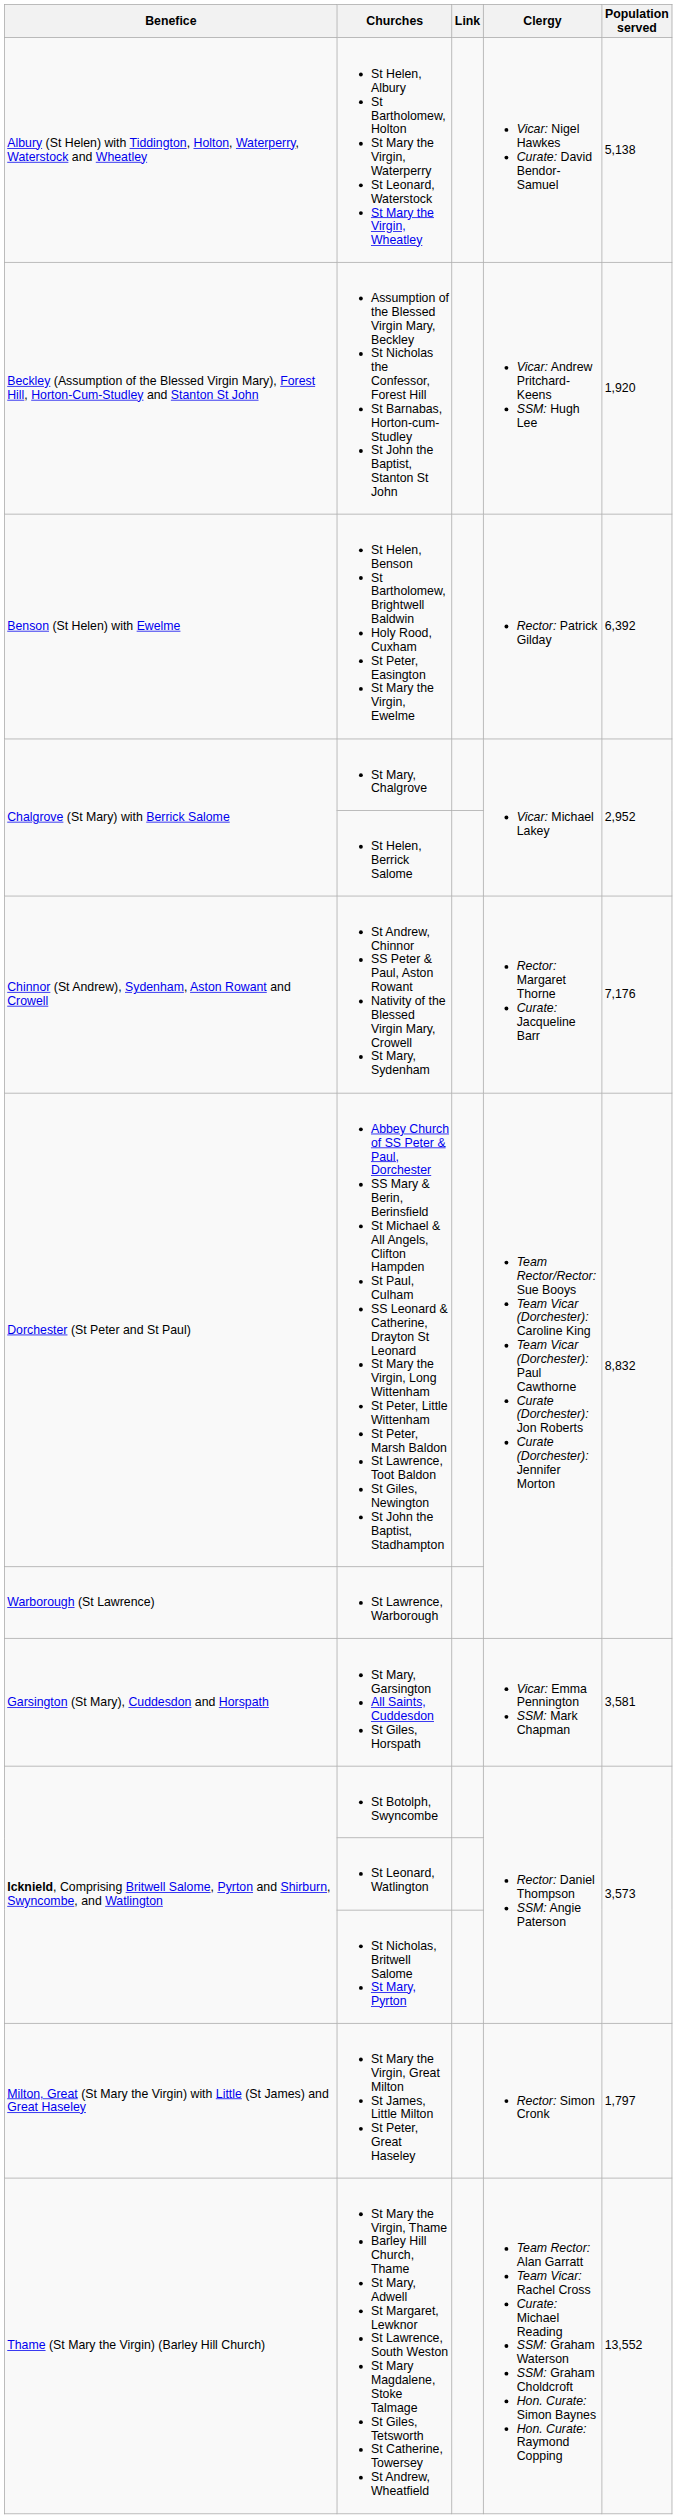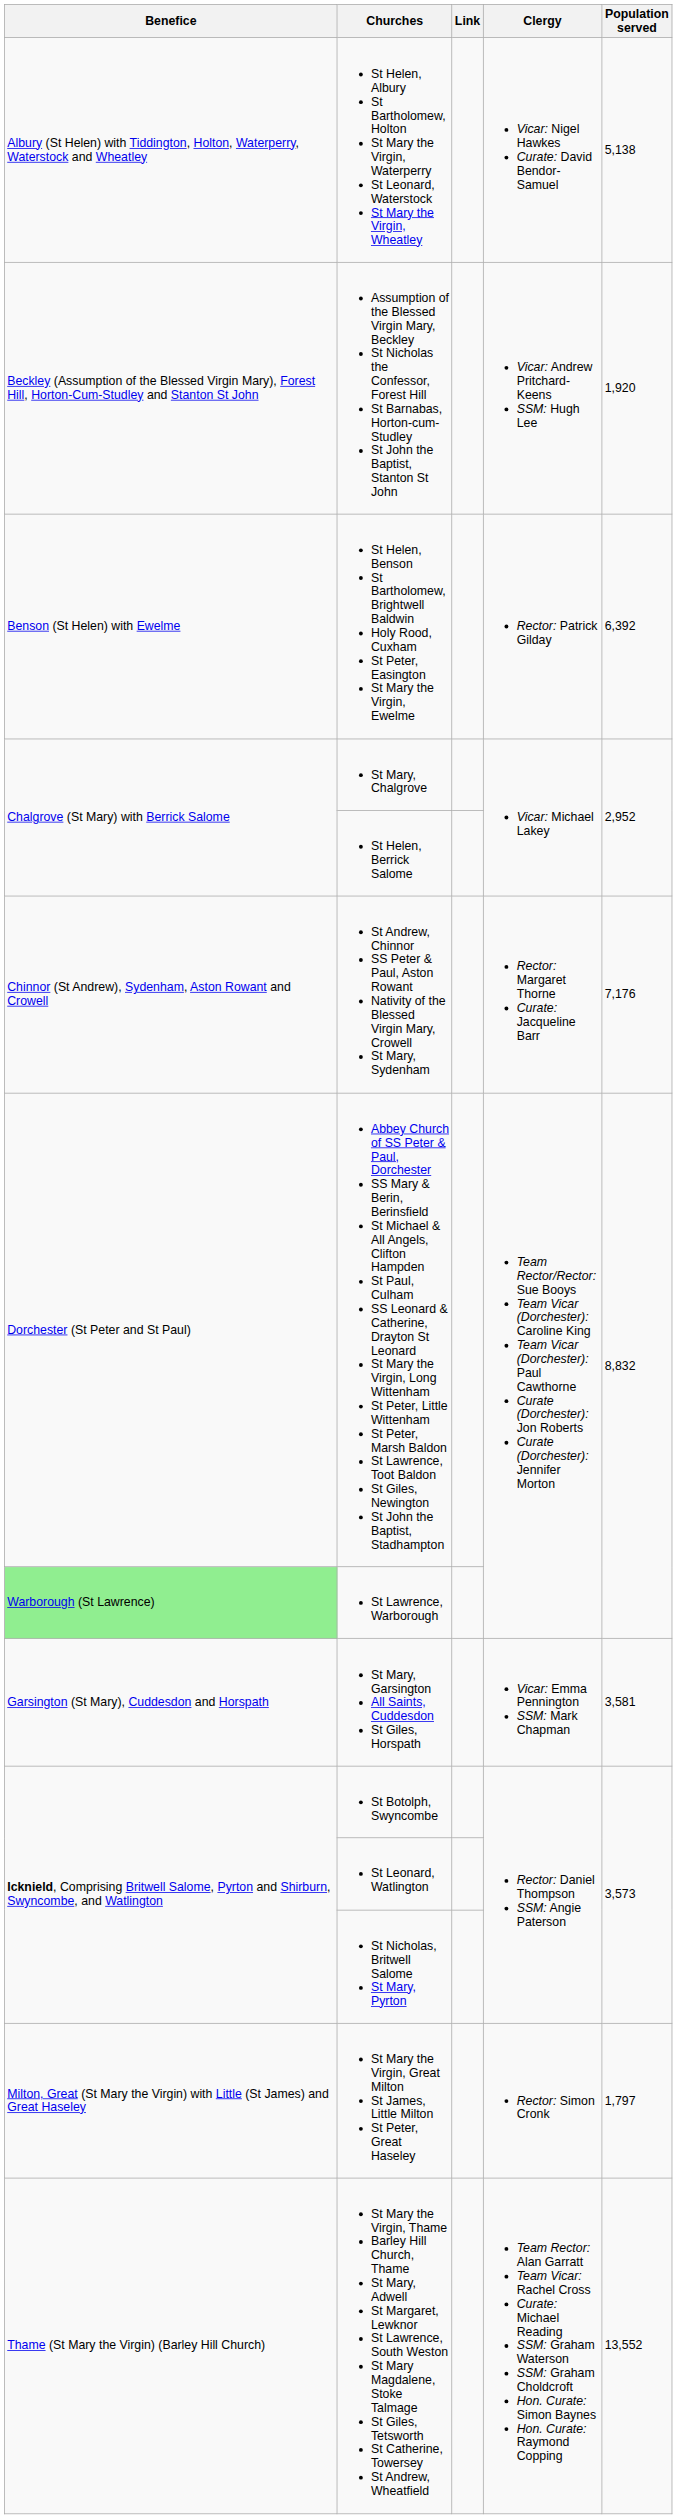 <table class="wikitable">
 <tr>
 <th width="425">Benefice</th>
 <th>Churches</th>
 <th>Link</th>
 <th>Clergy</th>
 <th>Population served</th>
 </tr>
 <tr>
 <td><a href='#'>Albury</a> (St Helen) with <a href='#'>Tiddington</a>, <a href='#'>Holton</a>, <a href='#'>Waterperry</a>, <a href='#'>Waterstock</a> and <a href='#'>Wheatley</a></td>
 <td><br><ul><li>St Helen, Albury</li><li>St Bartholomew, Holton</li><li>St Mary the Virgin, Waterperry</li><li>St Leonard, Waterstock</li><li><a href='#'>St Mary the Virgin, Wheatley</a></li></ul></td>
 <td></td>
 <td><br><ul><li><em>Vicar:</em> Nigel Hawkes</li><li><em>Curate:</em> David Bendor-Samuel</li></ul></td>
 <td>5,138</td>
 </tr>
 <tr>
 <td><a href='#'>Beckley</a> (Assumption of the Blessed Virgin Mary), <a href='#'>Forest Hill</a>, <a href='#'>Horton-Cum-Studley</a> and <a href='#'>Stanton St John</a></td>
 <td><br><ul><li>Assumption of the Blessed Virgin Mary, Beckley</li><li>St Nicholas the Confessor, Forest Hill</li><li>St Barnabas, Horton-cum-Studley</li><li>St John the Baptist, Stanton St John</li></ul></td>
 <td></td>
 <td><br><ul><li><em>Vicar:</em> Andrew Pritchard-Keens</li><li><em>SSM:</em> Hugh Lee</li></ul></td>
 <td>1,920</td>
 </tr>
 <tr>
 <td><a href='#'>Benson</a> (St Helen) with <a href='#'>Ewelme</a></td>
 <td><br><ul><li>St Helen, Benson</li><li>St Bartholomew, Brightwell Baldwin</li><li>Holy Rood, Cuxham</li><li>St Peter, Easington</li><li>St Mary the Virgin, Ewelme</li></ul></td>
 <td></td>
 <td><br><ul><li><em>Rector:</em> Patrick Gilday</li></ul></td>
 <td>6,392</td>
 </tr>
 <tr>
 <td rowspan="2"><a href='#'>Chalgrove</a> (St Mary) with <a href='#'>Berrick Salome</a></td>
 <td><br><ul><li>St Mary, Chalgrove</li></ul></td>
 <td></td>
 <td rowspan="2"><br><ul><li><em>Vicar:</em> Michael Lakey</li></ul></td>
 <td rowspan="2">2,952</td>
 </tr>
 <tr>
 <td><br><ul><li>St Helen, Berrick Salome</li></ul></td>
 <td></td>
 </tr>
 <tr>
 <td><a href='#'>Chinnor</a> (St Andrew), <a href='#'>Sydenham</a>, <a href='#'>Aston Rowant</a> and <a href='#'>Crowell</a></td>
 <td><br><ul><li>St Andrew, Chinnor</li><li>SS Peter & Paul, Aston Rowant</li><li>Nativity of the Blessed Virgin Mary, Crowell</li><li>St Mary, Sydenham</li></ul></td>
 <td></td>
 <td><br><ul><li><em>Rector:</em> Margaret Thorne</li><li><em>Curate:</em> Jacqueline Barr</li></ul></td>
 <td>7,176</td>
 </tr>
 <tr>
 <td><a href='#'>Dorchester</a> (St Peter and St Paul)</td>
 <td><br><ul><li><a href='#'>Abbey Church of SS Peter & Paul, Dorchester</a></li><li>SS Mary & Berin, Berinsfield</li><li>St Michael & All Angels, Clifton Hampden</li><li>St Paul, Culham</li><li>SS Leonard & Catherine, Drayton St Leonard</li><li>St Mary the Virgin, Long Wittenham</li><li>St Peter, Little Wittenham</li><li>St Peter, Marsh Baldon</li><li>St Lawrence, Toot Baldon</li><li>St Giles, Newington</li><li>St John the Baptist, Stadhampton</li></ul></td>
 <td></td>
 <td rowspan="2"><br><ul><li><em>Team Rector/Rector:</em> Sue Booys</li><li><em>Team Vicar (Dorchester):</em> Caroline King</li><li><em>Team Vicar (Dorchester):</em> Paul Cawthorne</li><li><em>Curate (Dorchester):</em> Jon Roberts</li><li><em>Curate (Dorchester):</em> Jennifer Morton</li></ul></td>
 <td rowspan="2">8,832</td>
 </tr>
 <tr>
-<td><a href='#'>Warborough</a> (St Lawrence)</td>
+<td style="background: lightgreen;"><a href='#'>Warborough</a> (St Lawrence)</td>
 <td><br><ul><li>St Lawrence, Warborough</li></ul></td>
 <td></td>
 </tr>
 <tr>
 <td><a href='#'>Garsington</a> (St Mary), <a href='#'>Cuddesdon</a> and <a href='#'>Horspath</a></td>
 <td><br><ul><li>St Mary, Garsington</li><li><a href='#'>All Saints, Cuddesdon</a></li><li>St Giles, Horspath</li></ul></td>
 <td></td>
 <td><br><ul><li><em>Vicar:</em> Emma Pennington</li><li><em>SSM:</em> Mark Chapman</li></ul></td>
 <td>3,581</td>
 </tr>
 <tr>
 <td rowspan="3"><strong>Icknield</strong>, Comprising <a href='#'>Britwell Salome</a>, <a href='#'>Pyrton</a> and <a href='#'>Shirburn</a>, <a href='#'>Swyncombe</a>, and <a href='#'>Watlington</a></td>
 <td><br><ul><li>St Botolph, Swyncombe</li></ul></td>
 <td></td>
 <td rowspan="3"><br><ul><li><em>Rector:</em> Daniel Thompson</li><li><em>SSM:</em> Angie Paterson</li></ul></td>
 <td rowspan="3">3,573</td>
 </tr>
 <tr>
 <td><br><ul><li>St Leonard, Watlington</li></ul></td>
 <td></td>
 </tr>
 <tr>
 <td><br><ul><li>St Nicholas, Britwell Salome</li><li><a href='#'>St Mary, Pyrton</a></li></ul></td>
 <td></td>
 </tr>
 <tr>
 <td><a href='#'>Milton, Great</a> (St Mary the Virgin) with <a href='#'>Little</a> (St James) and <a href='#'>Great Haseley</a></td>
 <td><br><ul><li>St Mary the Virgin, Great Milton</li><li>St James, Little Milton</li><li>St Peter, Great Haseley</li></ul></td>
 <td></td>
 <td><br><ul><li><em>Rector:</em> Simon Cronk</li></ul></td>
 <td>1,797</td>
 </tr>
 <tr>
 <td><a href='#'>Thame</a> (St Mary the Virgin) (Barley Hill Church)</td>
 <td><br><ul><li>St Mary the Virgin, Thame </li><li>Barley Hill Church, Thame </li><li>St Mary, Adwell</li><li>St Margaret, Lewknor</li><li>St Lawrence, South Weston</li><li>St Mary Magdalene, Stoke Talmage</li><li>St Giles, Tetsworth</li><li>St Catherine, Towersey </li><li>St Andrew, Wheatfield</li></ul></td>
 <td></td>
 <td><br><ul><li><em>Team Rector:</em> Alan Garratt</li><li><em>Team Vicar:</em> Rachel Cross</li><li><em>Curate:</em> Michael Reading</li><li><em>SSM:</em> Graham Waterson</li><li><em>SSM:</em> Graham Choldcroft</li><li><em>Hon. Curate:</em> Simon Baynes</li><li><em>Hon. Curate:</em> Raymond Copping</li></ul></td>
 <td>13,552</td>
 </tr>
 </table>
